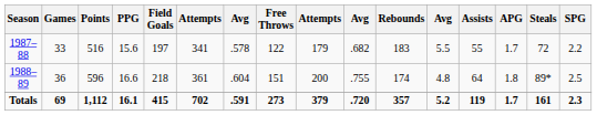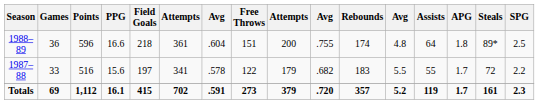 <table class="wikitable sortable" style="text-align:center">
 <tr>
 <th width=40px>Season</th>
 <th width=40px>Games</th>
 <th width=40px>Points</th>
 <th width=40px>PPG</th>
 <th width=40px>Field Goals</th>
 <th width=40px>Attempts</th>
 <th width=40px>Avg</th>
 <th width=40px>Free Throws</th>
 <th width=40px>Attempts</th>
 <th width=40px>Avg</th>
 <th width=40px>Rebounds</th>
 <th width=40px>Avg</th>
 <th width=40px>Assists</th>
 <th width=40px>APG</th>
 <th width=40px>Steals</th>
 <th width=40px>SPG</th>
 </tr>
 <tr>
+<td><a href='#'>1988–89</a></td>
+<td>36</td>
+<td>596</td>
+<td>16.6</td>
+<td>218</td>
+<td>361</td>
+<td>.604</td>
+<td>151</td>
+<td>200</td>
+<td>.755</td>
+<td>174</td>
+<td>4.8</td>
+<td>64</td>
+<td>1.8</td>
+<td>89*</td>
+<td>2.5</td>
+</tr>
+<tr>
 <td><a href='#'>1987–88</a></td>
 <td>33</td>
 <td>516</td>
 <td>15.6</td>
 <td>197</td>
 <td>341</td>
 <td>.578</td>
 <td>122</td>
 <td>179</td>
 <td>.682</td>
 <td>183</td>
 <td>5.5</td>
 <td>55</td>
 <td>1.7</td>
 <td>72</td>
 <td>2.2</td>
-</tr>
-<tr>
-<td><a href='#'>1988–89</a></td>
-<td>36</td>
-<td>596</td>
-<td>16.6</td>
-<td>218</td>
-<td>361</td>
-<td>.604</td>
-<td>151</td>
-<td>200</td>
-<td>.755</td>
-<td>174</td>
-<td>4.8</td>
-<td>64</td>
-<td>1.8</td>
-<td>89*</td>
-<td>2.5</td>
 </tr>
 <tr>
 </tr>
 <tr class="sortbottom">
 <td><strong>Totals</strong></td>
 <td><strong>69</strong></td>
 <td><strong>1,112</strong></td>
 <td><strong>16.1</strong></td>
 <td><strong>415</strong></td>
 <td><strong>702</strong></td>
 <td><strong>.591</strong></td>
 <td><strong>273</strong></td>
 <td><strong>379</strong></td>
 <td><strong>.720</strong></td>
 <td><strong>357</strong></td>
 <td><strong>5.2</strong></td>
 <td><strong>119</strong></td>
 <td><strong>1.7</strong></td>
 <td><strong>161</strong></td>
 <td><strong>2.3</strong></td>
 </tr>
 </table>
